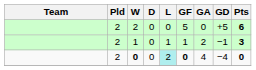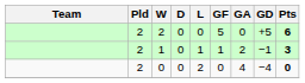 <table class="wikitable" style="text-align:center;">
 <tr>
 <th width=165>Team</th>
 <th width=20>Pld</th>
 <th width=20>W</th>
 <th width=20>D</th>
 <th width=20>L</th>
 <th width=20>GF</th>
 <th width=20>GA</th>
 <th width=20>GD</th>
 <th width=20>Pts</th>
 </tr>
 <tr align=center bgcolor="ccffcc">
 <td style="text-align:left;"></td>
 <td>2</td>
 <td>2</td>
 <td>0</td>
 <td>0</td>
 <td>5</td>
 <td>0</td>
 <td>+5</td>
 <td><strong>6</strong></td>
 </tr>
 <tr align=center bgcolor="ccffcc">
 <td style="text-align:left;"></td>
 <td>2</td>
 <td>1</td>
 <td>0</td>
 <td>1</td>
 <td>1</td>
 <td>2</td>
 <td>−1</td>
 <td><strong>3</strong></td>
 </tr>
 <tr>
 <td style="text-align:left;"></td>
 <td>2</td>
-<td><strong>0</strong></td>
 <td>0</td>
-<td style="background: paleturquoise;">2</td>
-<td><strong>0</strong></td>
+<td>0</td>
+<td>2</td>
+<td>0</td>
 <td>4</td>
 <td>−4</td>
 <td><strong>0</strong></td>
 </tr>
 <tr>
 </tr>
 </table>
